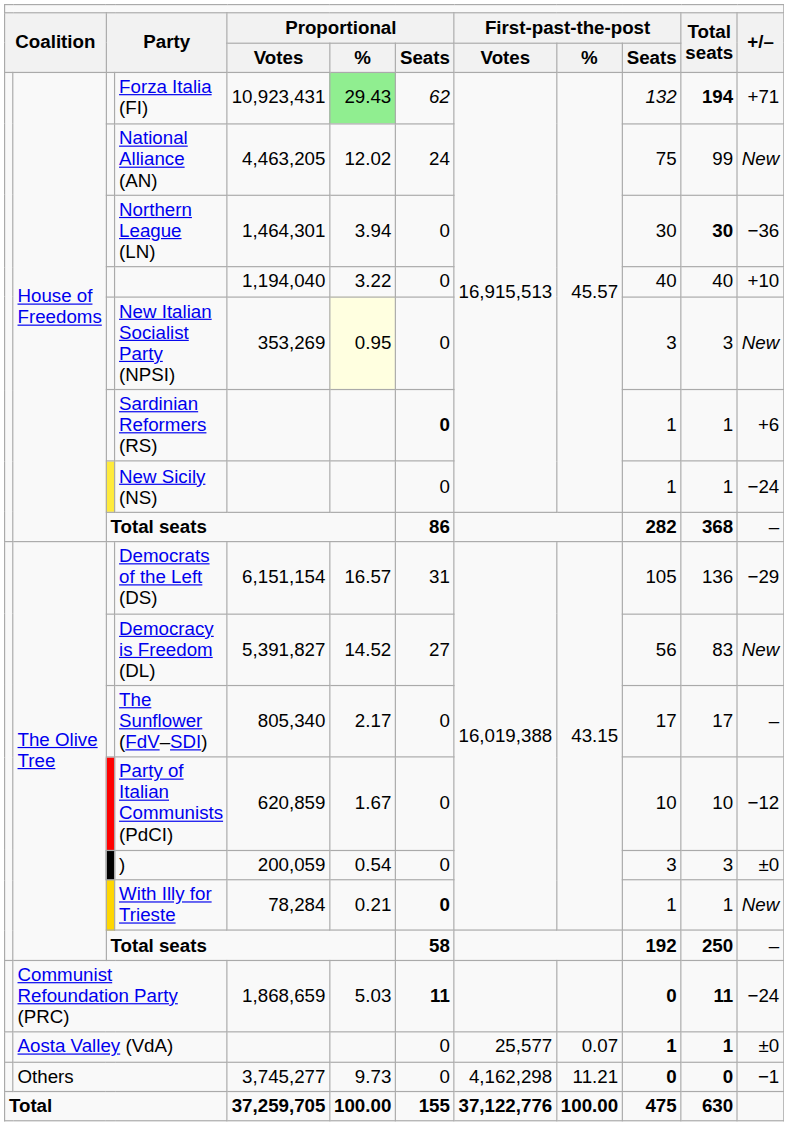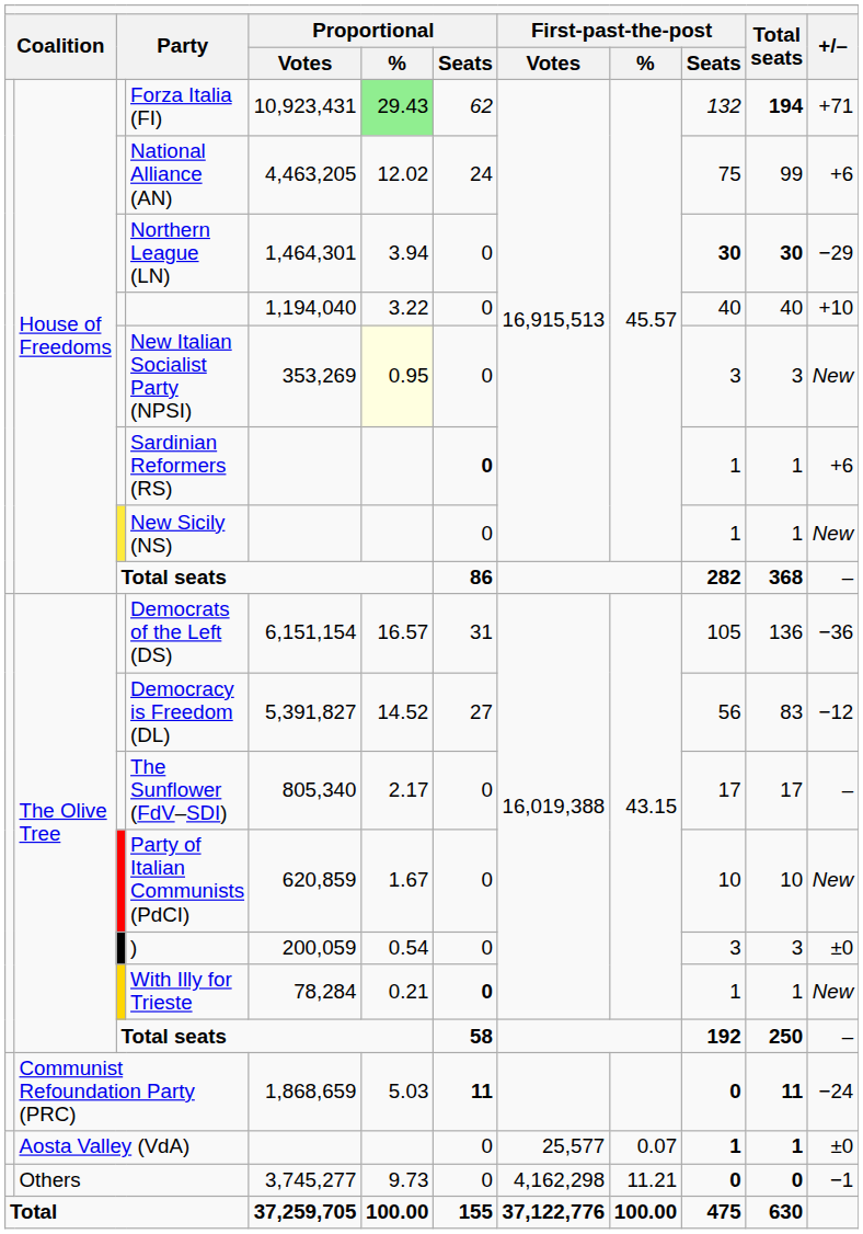 <table class="wikitable" style="text-align:right">
 <tr>
 <td colspan="12" style="text-align:center"></td>
 </tr>
 <tr>
 <th align=left colspan=2 rowspan=2>Coalition</th>
 <th colspan=2 rowspan=2>Party</th>
 <th colspan="3" align="center" valign=top>Proportional</th>
 <th colspan="3" align="center" valign=top>First-past-the-post</th>
 <th align=left rowspan=2><strong>Total <br> seats</strong></th>
 <th align=left rowspan=2>+/–</th>
 </tr>
 <tr>
 <th style="background-color:" align="center" valign=bottom>Votes</th>
 <th style="background-color:" align="center" valign=bottom>%</th>
 <th style="background-color:" align="center" valign=bottom>Seats</th>
 <th style="background-color:" align="center" valign=bottom>Votes</th>
 <th style="background-color:" align="center" valign=bottom>%</th>
 <th style="background-color:" align="center" valign=bottom>Seats</th>
 </tr>
 <tr>
 <td rowspan="8" style="color:inherit;background:"></td>
 <td style="text-align:left;" rowspan="8"><a href='#'>House of Freedoms</a></td>
 <td></td>
 <td align=left><a href='#'>Forza Italia</a> (FI)</td>
 <td>10,923,431</td>
 <td style="background: lightgreen;">29.43</td>
 <td><em>62</em></td>
 <td rowspan="7">16,915,513</td>
 <td rowspan="7">45.57</td>
 <td><em>132</em></td>
 <td><strong>194</strong></td>
 <td><span>+71</span></td>
 </tr>
 <tr>
 <td></td>
 <td align=left><a href='#'>National Alliance</a> (AN)</td>
 <td>4,463,205</td>
 <td>12.02</td>
 <td>24</td>
 <td>75</td>
 <td>99</td>
-<td><em>New</em></td>
+<td><span>+6</span></td>
 </tr>
 <tr>
 <td></td>
 <td align=left><a href='#'>Northern League</a> (LN)</td>
 <td>1,464,301</td>
 <td>3.94</td>
 <td>0</td>
-<td>30</td>
 <td><strong>30</strong></td>
-<td><span>−36</span></td>
+<td><strong>30</strong></td>
+<td><span>−29</span></td>
 </tr>
 <tr>
 <td></td>
 <td align="left"></td>
 <td>1,194,040</td>
 <td>3.22</td>
 <td>0</td>
 <td>40</td>
 <td>40</td>
 <td><span>+10</span></td>
 </tr>
 <tr>
 <td style="color:inherit;background:"></td>
 <td align="left"><a href='#'>New Italian Socialist Party</a> (NPSI)</td>
 <td>353,269</td>
 <td style="background: lightyellow;">0.95</td>
 <td>0</td>
 <td>3</td>
 <td>3</td>
 <td><em>New</em></td>
 </tr>
 <tr>
 <td style="color:inherit;background:"></td>
 <td align="left"><a href='#'>Sardinian Reformers</a> (RS)</td>
 <td></td>
 <td></td>
 <td><strong>0</strong></td>
 <td>1</td>
 <td>1</td>
 <td><span>+6</span></td>
 </tr>
 <tr>
 <td style="color:inherit;background:#FFEB3B"></td>
 <td align="left"><a href='#'>New Sicily</a> (NS)</td>
 <td></td>
 <td></td>
 <td>0</td>
 <td>1</td>
 <td>1</td>
-<td><span>−24</span></td>
+<td><em>New</em></td>
 </tr>
 <tr>
 <td colspan=4 align=left><strong>Total seats</strong></td>
 <td><strong>86</strong></td>
 <td colspan="2"></td>
 <td><strong>282</strong></td>
 <td><strong>368</strong></td>
 <td>–</td>
 </tr>
 <tr>
 <td rowspan="7" style="background:"></td>
 <td style="text-align:left;" rowspan="7"><a href='#'>The Olive Tree</a></td>
 <td></td>
 <td align=left><a href='#'>Democrats of the Left</a> (DS)</td>
 <td>6,151,154</td>
 <td>16.57</td>
 <td>31</td>
 <td rowspan="6">16,019,388</td>
 <td rowspan="6">43.15</td>
 <td>105</td>
 <td>136</td>
-<td><span>−29</span></td>
+<td><span>−36</span></td>
 </tr>
 <tr>
 <td></td>
 <td align=left><a href='#'>Democracy is Freedom</a> (DL)</td>
 <td>5,391,827</td>
 <td>14.52</td>
 <td>27</td>
 <td>56</td>
 <td>83</td>
-<td><em>New</em></td>
+<td><span>−12</span></td>
 </tr>
 <tr>
 <td></td>
 <td align=left><a href='#'>The Sunflower</a> (<a href='#'>FdV</a>–<a href='#'>SDI</a>)</td>
 <td>805,340</td>
 <td>2.17</td>
 <td>0</td>
 <td>17</td>
 <td>17</td>
 <td>–</td>
 </tr>
 <tr>
 <td bgcolor="red"></td>
 <td align=left><a href='#'>Party of Italian Communists</a> (PdCI)</td>
 <td>620,859</td>
 <td>1.67</td>
 <td>0</td>
 <td>10</td>
 <td>10</td>
-<td><span>−12</span></td>
+<td><em>New</em></td>
 </tr>
 <tr>
 <td bgcolor="black"></td>
 <td align=left>)</td>
 <td>200,059</td>
 <td>0.54</td>
 <td>0</td>
 <td>3</td>
 <td>3</td>
 <td>±0</td>
 </tr>
 <tr>
 <td bgcolor="gold"></td>
 <td align=left><a href='#'>With Illy for Trieste</a></td>
 <td>78,284</td>
 <td>0.21</td>
 <td><strong>0</strong></td>
 <td>1</td>
 <td>1</td>
 <td><em>New</em></td>
 </tr>
 <tr>
 <td colspan=4 align=left><strong>Total seats</strong></td>
 <td><strong>58</strong></td>
 <td colspan="2"></td>
 <td><strong>192</strong></td>
 <td><strong>250</strong></td>
 <td>–</td>
 </tr>
 <tr>
 <td style="color:inherit;background:"></td>
 <td colspan="3" align=left><a href='#'>Communist Refoundation Party</a> (PRC)</td>
 <td>1,868,659</td>
 <td>5.03</td>
 <td><strong>11</strong></td>
 <td></td>
 <td></td>
 <td><strong>0</strong></td>
 <td><strong>11</strong></td>
 <td><span>−24</span></td>
 </tr>
 <tr>
 <td style="color:inherit;background:"></td>
 <td colspan="3" align=left><a href='#'>Aosta Valley</a> (VdA)</td>
 <td></td>
 <td></td>
 <td>0</td>
 <td>25,577</td>
 <td>0.07</td>
 <td><strong>1</strong></td>
 <td><strong>1</strong></td>
 <td>±0</td>
 </tr>
 <tr>
 <td style="color:inherit;background:"></td>
 <td colspan="3" align=left>Others</td>
 <td>3,745,277</td>
 <td>9.73</td>
 <td>0</td>
 <td>4,162,298</td>
 <td>11.21</td>
 <td><strong>0</strong></td>
 <td><strong>0</strong></td>
 <td><span>−1</span></td>
 </tr>
 <tr>
 <td colspan=4 align=left><strong>Total</strong></td>
 <td><strong>37,259,705</strong></td>
 <td><strong>100.00</strong></td>
 <td><strong>155</strong></td>
 <td><strong>37,122,776</strong></td>
 <td><strong>100.00</strong></td>
 <td><strong>475</strong></td>
 <td><strong>630</strong></td>
 <td></td>
 </tr>
 </table>
